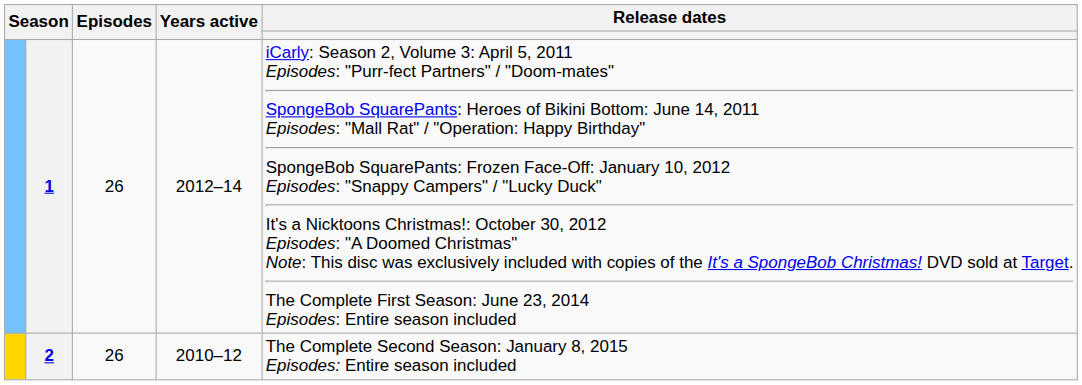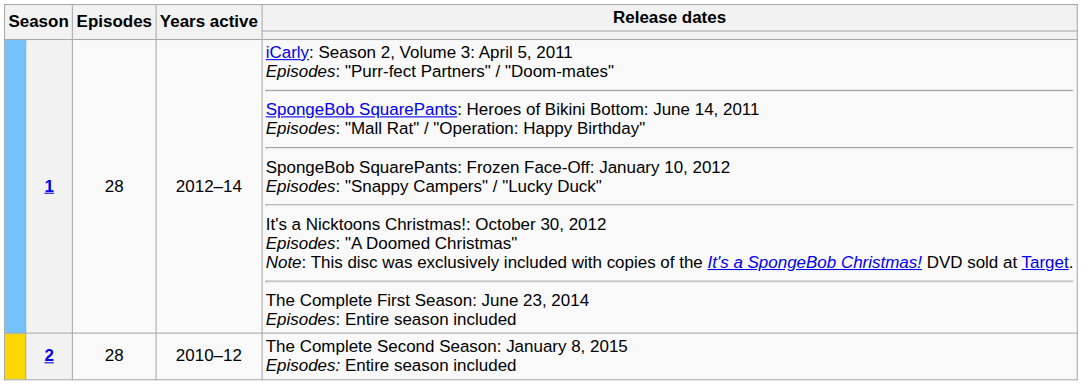 <table class="wikitable">
 <tr>
 <th colspan=2 rowspan=2>Season</th>
 <th rowspan=2>Episodes</th>
 <th rowspan=2>Years active</th>
 <th colspan=1>Release dates</th>
 </tr>
 <tr>
 <th></th>
 </tr>
 <tr>
 <th style="background:#73c2fb"></th>
 <th><a href='#'>1</a></th>
-<td style="text-align: center">26</td>
+<td style="text-align: center">28</td>
 <td style="text-align: center">2012–14</td>
 <td><a href='#'>iCarly</a>: Season 2, Volume 3: April 5, 2011<br><em>Episodes</em>: "Purr-fect Partners" / "Doom-mates"<hr><a href='#'>SpongeBob SquarePants</a>: Heroes of Bikini Bottom: June 14, 2011<br><em>Episodes</em>: "Mall Rat" / "Operation: Happy Birthday"<hr>SpongeBob SquarePants: Frozen Face-Off: January 10, 2012<br><em>Episodes</em>: "Snappy Campers" / "Lucky Duck"<hr>It's a Nicktoons Christmas!: October 30, 2012<br><em>Episodes</em>: "A Doomed Christmas"<br><em>Note</em>: This disc was exclusively included with copies of the <em><a href='#'>It's a SpongeBob Christmas!</a></em> DVD sold at <a href='#'>Target</a>.<hr>The Complete First Season: June 23, 2014<br><em>Episodes</em>: Entire season included</td>
 </tr>
 <tr>
 <th style="background:gold"></th>
 <th><a href='#'>2</a></th>
-<td style="text-align: center">26</td>
+<td style="text-align: center">28</td>
 <td style="text-align: center">2010–12</td>
 <td>The Complete Second Season: January 8, 2015<br><em>Episodes:</em> Entire season included</td>
 </tr>
 </table>
